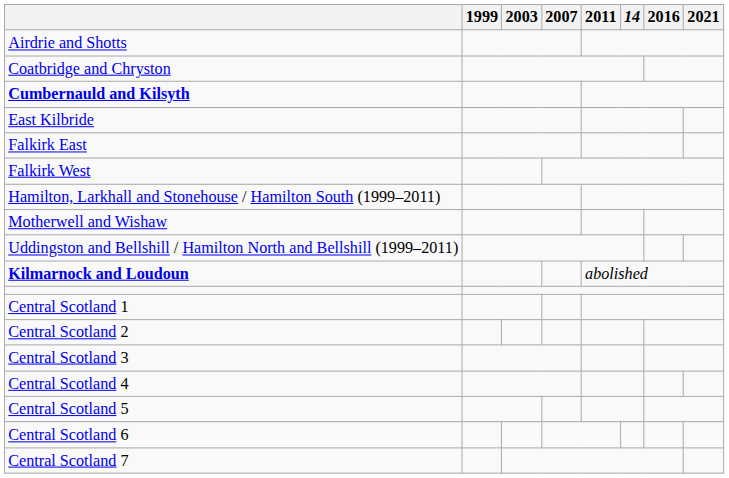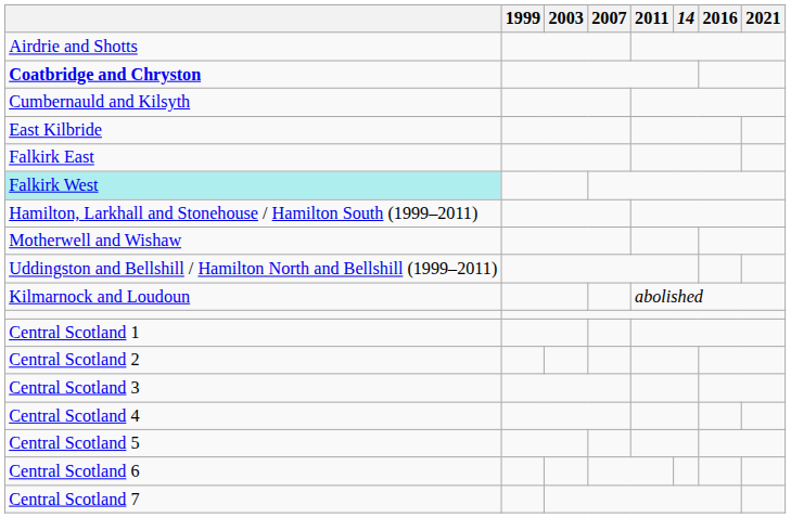 <table class="wikitable">
 <tr>
 <th></th>
 <th>1999</th>
 <th>2003</th>
 <th>2007</th>
 <th>2011</th>
 <th><em>14</em></th>
 <th>2016</th>
 <th>2021</th>
 </tr>
 <tr>
 <td><a href='#'>Airdrie and Shotts</a></td>
 <td colspan="3"><a href='#'></a></td>
 <td colspan="4"><a href='#'></a></td>
 </tr>
 <tr>
-<td><a href='#'>Coatbridge and Chryston</a></td>
+<td><strong><a href='#'>Coatbridge and Chryston</a></strong></td>
 <td colspan="5"><a href='#'></a></td>
 <td colspan="2"><a href='#'></a></td>
 </tr>
 <tr>
-<td><strong><a href='#'>Cumbernauld and Kilsyth</a></strong></td>
+<td><a href='#'>Cumbernauld and Kilsyth</a></td>
 <td colspan="3"><a href='#'></a></td>
 <td colspan="4"><a href='#'></a></td>
 </tr>
 <tr>
 <td><a href='#'>East Kilbride</a></td>
 <td colspan="3"><a href='#'></a></td>
 <td colspan="3"><a href='#'></a></td>
 <td><a href='#'></a></td>
 </tr>
 <tr>
 <td><a href='#'>Falkirk East</a></td>
 <td colspan="3"><a href='#'></a></td>
 <td colspan="3"><a href='#'></a></td>
 <td><a href='#'></a></td>
 </tr>
 <tr>
-<td><a href='#'>Falkirk West</a></td>
+<td style="background: paleturquoise;"><a href='#'>Falkirk West</a></td>
 <td colspan="2"><a href='#'></a></td>
 <td colspan="5"><a href='#'></a></td>
 </tr>
 <tr>
 <td><a href='#'>Hamilton, Larkhall and Stonehouse</a> / <a href='#'>Hamilton South</a> (1999–2011)</td>
 <td colspan="3"><a href='#'></a></td>
 <td colspan="4"><a href='#'></a></td>
 </tr>
 <tr>
 <td><a href='#'>Motherwell and Wishaw</a></td>
 <td colspan="3"><a href='#'></a></td>
 <td colspan="2"><a href='#'></a></td>
 <td colspan="2"><a href='#'></a></td>
 </tr>
 <tr>
 <td><a href='#'>Uddingston and Bellshill</a> / <a href='#'>Hamilton North and Bellshill</a> (1999–2011)</td>
 <td colspan="5"><a href='#'></a></td>
 <td><a href='#'></a></td>
 <td><a href='#'></a></td>
 </tr>
 <tr>
-<td><strong><a href='#'>Kilmarnock and Loudoun</a></strong></td>
+<td><a href='#'>Kilmarnock and Loudoun</a></td>
 <td colspan="2"><a href='#'></a></td>
 <td><a href='#'></a></td>
 <td colspan="5"><em>abolished</em></td>
 </tr>
 <tr>
 <td></td>
 <td colspan="7"></td>
 </tr>
 <tr>
 <td><a href='#'>Central Scotland</a> 1</td>
 <td colspan="2"><a href='#'></a></td>
 <td><a href='#'></a></td>
 <td colspan="5"><a href='#'></a></td>
 </tr>
 <tr>
 <td><a href='#'>Central Scotland</a> 2</td>
 <td><a href='#'></a></td>
 <td><a href='#'></a></td>
 <td><a href='#'></a></td>
 <td colspan="2"><a href='#'></a></td>
 <td colspan="2"><a href='#'></a></td>
 </tr>
 <tr>
 <td><a href='#'>Central Scotland</a> 3</td>
 <td colspan="3"><a href='#'></a></td>
 <td colspan="2"><a href='#'></a></td>
 <td colspan="2"><a href='#'></a></td>
 </tr>
 <tr>
 <td><a href='#'>Central Scotland</a> 4</td>
 <td colspan="3"><a href='#'></a></td>
 <td colspan="2"><a href='#'></a></td>
 <td><a href='#'></a></td>
 <td><a href='#'></a></td>
 </tr>
 <tr>
 <td><a href='#'>Central Scotland</a> 5</td>
 <td colspan="2"><a href='#'></a></td>
 <td><a href='#'></a></td>
 <td colspan="2"><a href='#'></a></td>
 <td colspan="2"><a href='#'></a></td>
 </tr>
 <tr>
 <td><a href='#'>Central Scotland</a> 6</td>
 <td><a href='#'></a></td>
 <td><a href='#'></a></td>
 <td colspan="2"><a href='#'></a></td>
 <td><a href='#'></a></td>
 <td><a href='#'></a></td>
 <td><a href='#'></a></td>
 </tr>
 <tr>
 <td><a href='#'>Central Scotland</a> 7</td>
 <td><a href='#'></a></td>
 <td colspan="5"><a href='#'></a></td>
 <td><a href='#'></a></td>
 </tr>
 </table>
